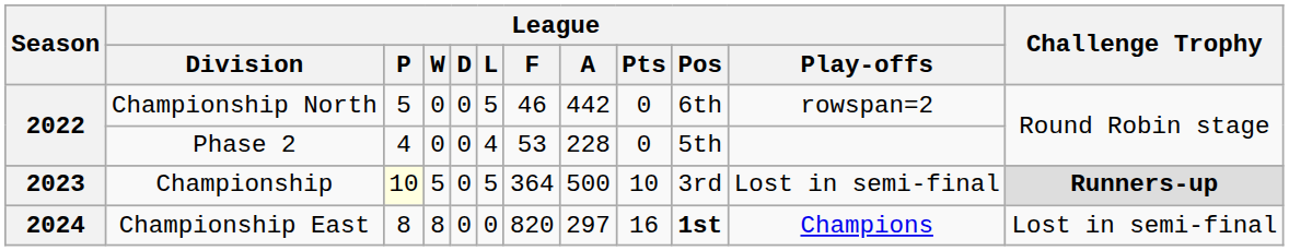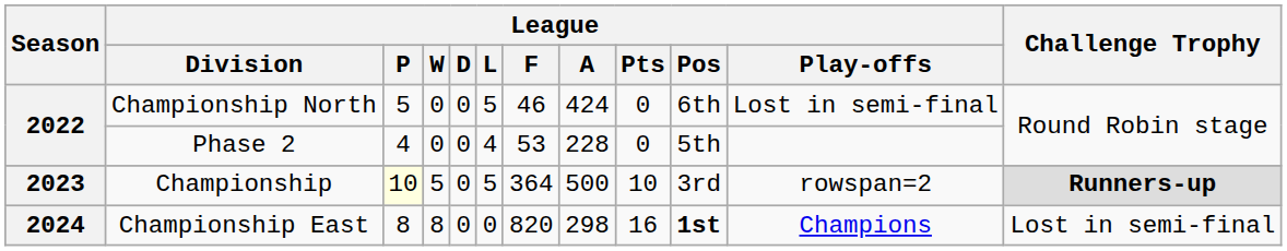 <table class="wikitable" style="text-align: center">
 <tr>
 <th rowspan="2" scope="col">Season</th>
 <th colspan="10" scope="col">League</th>
 <th rowspan="2" scope="col">Challenge Trophy</th>
 </tr>
 <tr>
 <th scope="col">Division</th>
 <th scope="col">P</th>
 <th scope="col">W</th>
 <th scope="col">D</th>
 <th scope="col">L</th>
 <th scope="col">F</th>
 <th scope="col">A</th>
 <th scope="col">Pts</th>
 <th scope="col">Pos</th>
 <th scope="col">Play-offs</th>
 </tr>
 <tr>
 <th scope="row" rowspan=2>2022</th>
 <td>Championship North</td>
 <td>5</td>
 <td>0</td>
 <td>0</td>
 <td>5</td>
 <td>46</td>
-<td>442</td>
+<td>424</td>
 <td>0</td>
 <td>6th</td>
-<td>rowspan=2 </td>
+<td>Lost in semi-final</td>
 <td rowspan=2>Round Robin stage</td>
 </tr>
 <tr>
 <td>Phase 2</td>
 <td>4</td>
 <td>0</td>
 <td>0</td>
 <td>4</td>
 <td>53</td>
 <td>228</td>
 <td>0</td>
 <td>5th</td>
 </tr>
 <tr>
 <th scope="row">2023</th>
 <td>Championship</td>
 <td style="background: lightyellow;">10</td>
 <td>5</td>
 <td>0</td>
 <td>5</td>
 <td>364</td>
 <td>500</td>
 <td>10</td>
 <td>3rd</td>
-<td>Lost in semi-final</td>
+<td>rowspan=2 </td>
 <td style="background-color:#DDD"><strong>Runners-up</strong></td>
 </tr>
 <tr>
 <th scope="row">2024</th>
 <td>Championship East</td>
 <td>8</td>
 <td>8</td>
 <td>0</td>
 <td>0</td>
 <td>820</td>
-<td>297</td>
+<td>298</td>
 <td>16</td>
 <td><strong>1st</strong></td>
 <td><a href='#'>Champions</a></td>
 <td>Lost in semi-final</td>
 </tr>
 </table>
